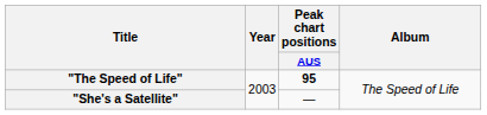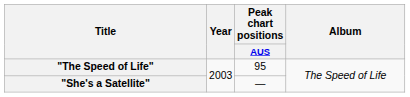 <table class="wikitable plainrowheaders" style="text-align:center;">
 <tr>
 <th scope="col" rowspan="2" style="width:19em;">Title</th>
 <th scope="col" rowspan="2" style="width:1em;">Year</th>
 <th scope="col" colspan="1">Peak chart positions</th>
 <th scope="col" rowspan="2" style="width:11em;">Album</th>
 </tr>
 <tr>
 <th scope="col" style="width:3em;font-size:90%;"><a href='#'>AUS</a><br></th>
 </tr>
 <tr>
 <th scope="row">"The Speed of Life"</th>
 <td rowspan="2">2003</td>
-<td><strong>95</strong></td>
+<td>95</td>
 <td rowspan="2"><em>The Speed of Life</em></td>
 </tr>
 <tr>
 <th scope="row">"She's a Satellite"</th>
 <td>—</td>
 </tr>
 </table>
